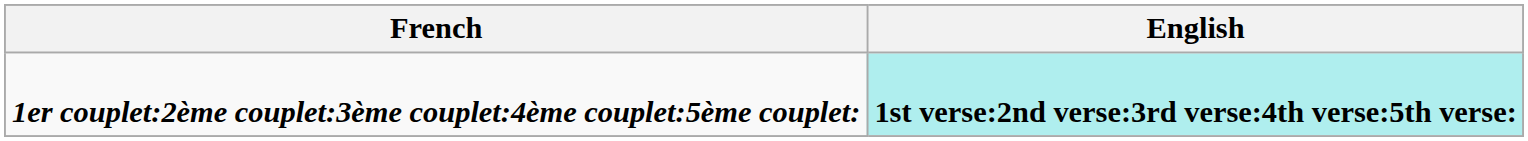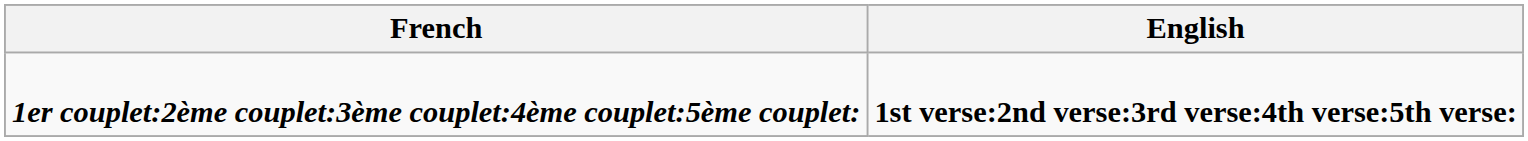 <table class="wikitable">
 <tr>
 <th>French</th>
 <th>English</th>
 </tr>
 <tr>
 <td style="font-style: italic;"><br><strong>1er couplet:</strong><strong>2ème couplet:</strong><strong>3ème couplet:</strong><strong>4ème couplet:</strong><strong>5ème couplet:</strong></td>
-<td style="background: paleturquoise;"><br><strong>1st verse:</strong><strong>2nd verse:</strong><strong>3rd verse:</strong><strong>4th verse:</strong><strong>5th verse:</strong></td>
+<td><br><strong>1st verse:</strong><strong>2nd verse:</strong><strong>3rd verse:</strong><strong>4th verse:</strong><strong>5th verse:</strong></td>
 </tr>
 </table>
